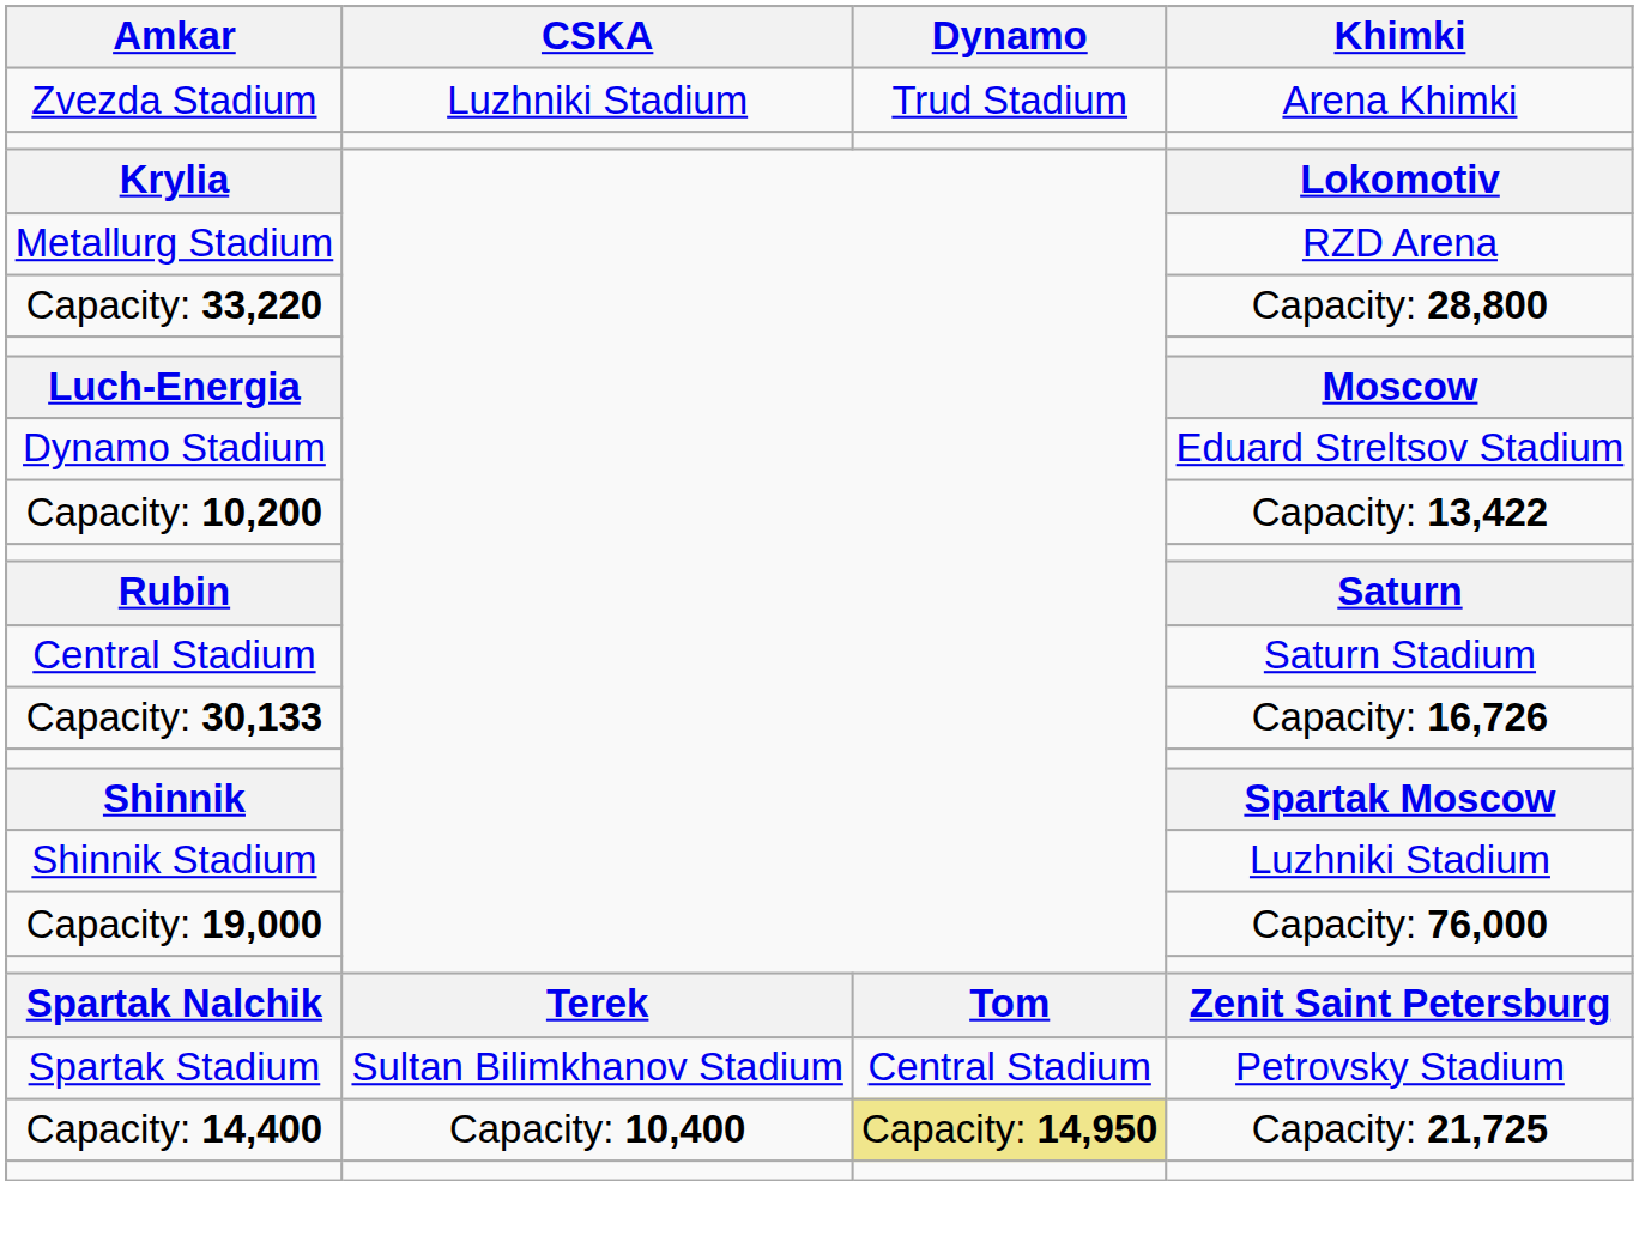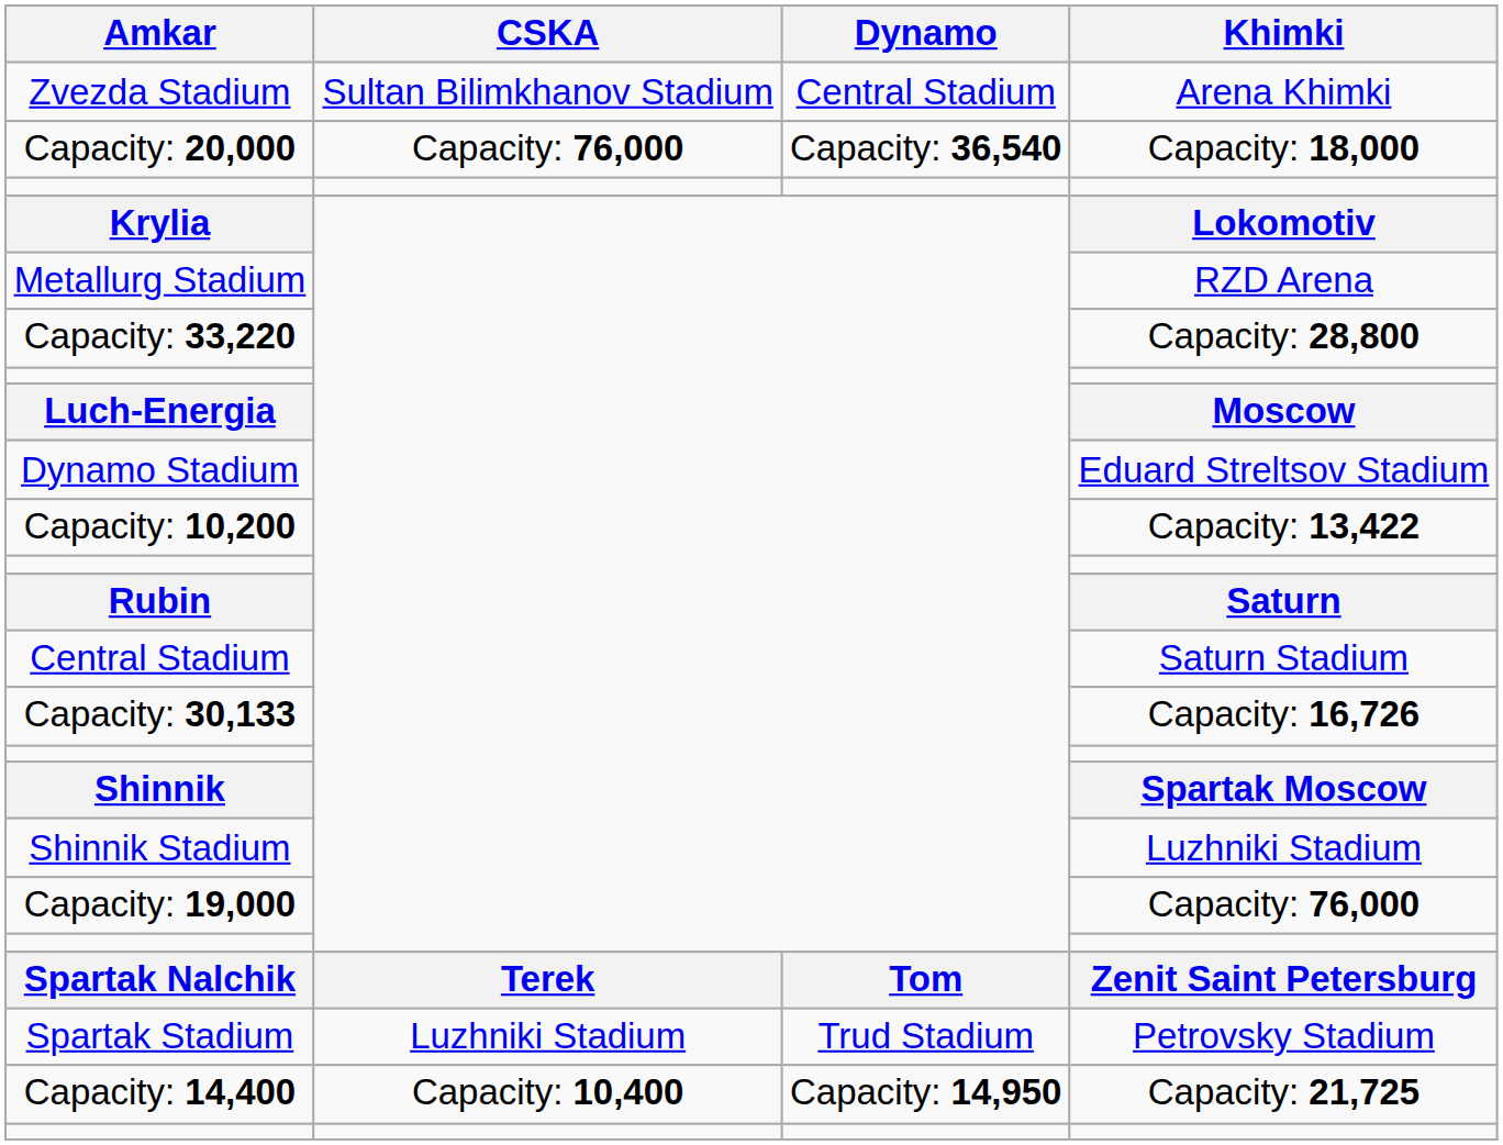 <table class="wikitable" style="text-align:center;">
 <tr>
 <th><a href='#'>Amkar</a></th>
 <th><a href='#'>CSKA</a></th>
 <th><a href='#'>Dynamo</a></th>
 <th><a href='#'>Khimki</a></th>
 </tr>
 <tr>
 <td><a href='#'>Zvezda Stadium</a></td>
-<td><a href='#'>Luzhniki Stadium</a></td>
-<td><a href='#'>Trud Stadium</a></td>
+<td><a href='#'>Sultan Bilimkhanov Stadium</a></td>
+<td><a href='#'>Central Stadium</a></td>
 <td><a href='#'>Arena Khimki</a></td>
+</tr>
+<tr>
+<td>Capacity: <strong>20,000</strong></td>
+<td>Capacity: <strong>76,000</strong></td>
+<td>Capacity: <strong>36,540</strong></td>
+<td>Capacity: <strong>18,000</strong></td>
 </tr>
 <tr>
 <td></td>
 <td></td>
 <td></td>
 <td></td>
 </tr>
 <tr>
 <th><a href='#'>Krylia</a></th>
 <td colspan="2" rowspan="16"><br> </td>
 <th><a href='#'>Lokomotiv</a></th>
 </tr>
 <tr>
 <td><a href='#'>Metallurg Stadium</a></td>
 <td><a href='#'>RZD Arena</a></td>
 </tr>
 <tr>
 <td>Capacity: <strong>33,220</strong></td>
 <td>Capacity: <strong>28,800</strong></td>
 </tr>
 <tr>
 <td></td>
 <td></td>
 </tr>
 <tr>
 <th><a href='#'>Luch-Energia</a></th>
 <th><a href='#'>Moscow</a></th>
 </tr>
 <tr>
 <td><a href='#'>Dynamo Stadium</a></td>
 <td><a href='#'>Eduard Streltsov Stadium</a></td>
 </tr>
 <tr>
 <td>Capacity: <strong>10,200</strong></td>
 <td>Capacity: <strong>13,422</strong></td>
 </tr>
 <tr>
 <td></td>
 <td></td>
 </tr>
 <tr>
 <th><a href='#'>Rubin</a></th>
 <th><a href='#'>Saturn</a></th>
 </tr>
 <tr>
 <td><a href='#'>Central Stadium</a></td>
 <td><a href='#'>Saturn Stadium</a></td>
 </tr>
 <tr>
 <td>Capacity: <strong>30,133</strong></td>
 <td>Capacity: <strong>16,726</strong></td>
 </tr>
 <tr>
 <td></td>
 <td></td>
 </tr>
 <tr>
 <th><a href='#'>Shinnik</a></th>
 <th><a href='#'>Spartak Moscow</a></th>
 </tr>
 <tr>
 <td><a href='#'>Shinnik Stadium</a></td>
 <td><a href='#'>Luzhniki Stadium</a></td>
 </tr>
 <tr>
 <td>Capacity: <strong>19,000</strong></td>
 <td>Capacity: <strong>76,000</strong></td>
 </tr>
 <tr>
 <td></td>
 <td></td>
 </tr>
 <tr>
 <th><a href='#'>Spartak Nalchik</a></th>
 <th><a href='#'>Terek</a></th>
 <th><a href='#'>Tom</a></th>
 <th><a href='#'>Zenit Saint Petersburg</a></th>
 </tr>
 <tr>
 <td><a href='#'>Spartak Stadium</a></td>
-<td><a href='#'>Sultan Bilimkhanov Stadium</a></td>
-<td><a href='#'>Central Stadium</a></td>
+<td><a href='#'>Luzhniki Stadium</a></td>
+<td><a href='#'>Trud Stadium</a></td>
 <td><a href='#'>Petrovsky Stadium</a></td>
 </tr>
 <tr>
 <td>Capacity: <strong>14,400</strong></td>
 <td>Capacity: <strong>10,400</strong></td>
-<td style="background: khaki;">Capacity: <strong>14,950</strong></td>
+<td>Capacity: <strong>14,950</strong></td>
 <td>Capacity: <strong>21,725</strong></td>
 </tr>
 <tr>
 <td></td>
 <td></td>
 <td></td>
 <td></td>
 </tr>
 </table>
